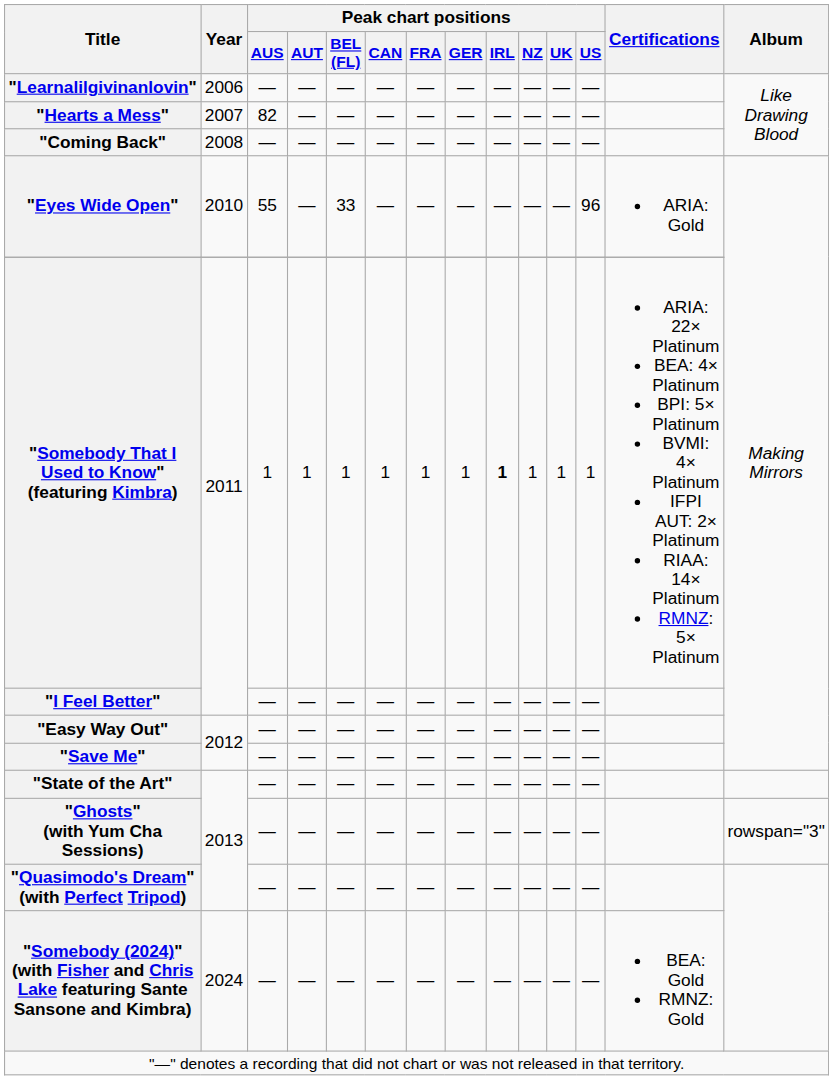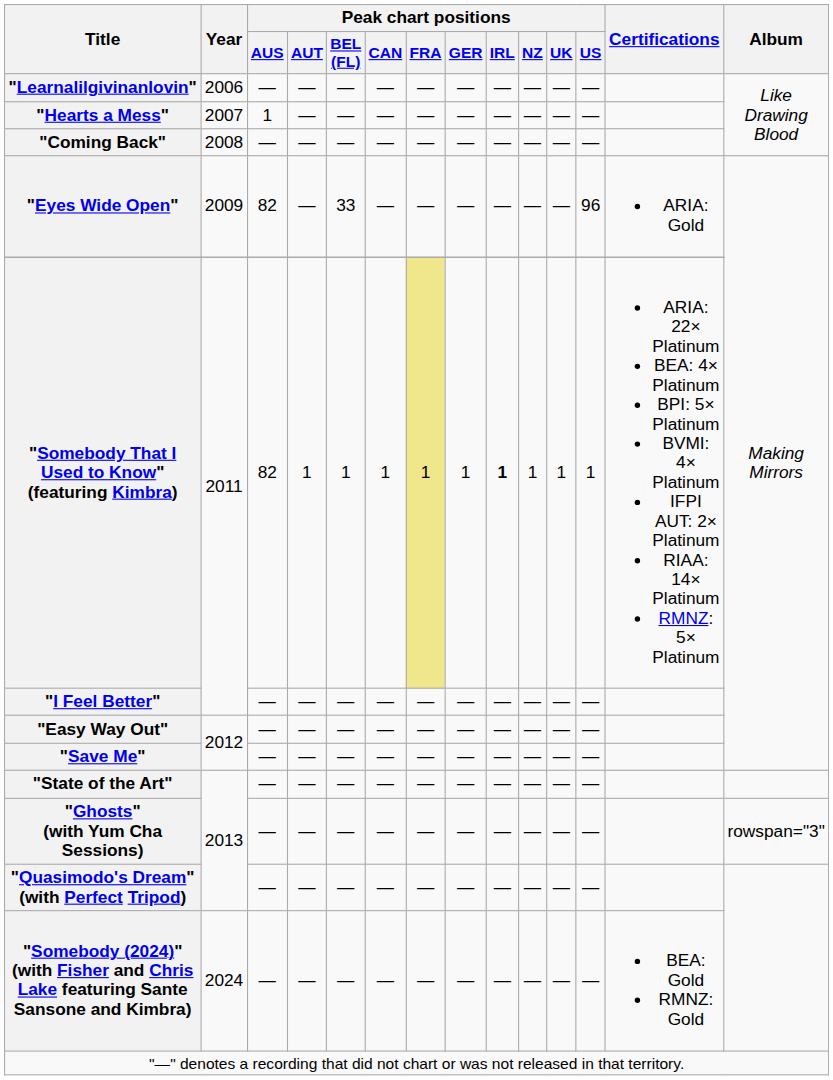 <table class="wikitable plainrowheaders" style="text-align:center;" border="1">
 <tr>
 <th scope="col" rowspan="2" style="width:18em;">Title</th>
 <th scope="col" rowspan="2" style="width:1em;">Year</th>
 <th scope="col" colspan="10">Peak chart positions</th>
 <th scope="col" rowspan="2" style="width:14em;"><a href='#'>Certifications</a></th>
 <th scope="col" rowspan="2">Album</th>
 </tr>
 <tr>
 <th scope="col" style="width:2.5em;font-size:90%;"><a href='#'>AUS</a><br></th>
 <th scope="col" style="width:2.5em;font-size:90%;"><a href='#'>AUT</a><br></th>
 <th scope="col" style="width:2.5em;font-size:90%;"><a href='#'>BEL<br>(FL)</a><br></th>
 <th scope="col" style="width:2.5em;font-size:90%;"><a href='#'>CAN</a><br></th>
 <th scope="col" style="width:2.5em;font-size:90%;"><a href='#'>FRA</a><br></th>
 <th scope="col" style="width:2.5em;font-size:90%;"><a href='#'>GER</a><br></th>
 <th scope="col" style="width:2.5em;font-size:90%;"><a href='#'>IRL</a><br></th>
 <th scope="col" style="width:2.5em;font-size:90%;"><a href='#'>NZ</a><br></th>
 <th scope="col" style="width:2.5em;font-size:90%;"><a href='#'>UK</a><br></th>
 <th scope="col" style="width:2.5em;font-size:90%;"><a href='#'>US</a><br></th>
 </tr>
 <tr>
 <th scope="row">"<a href='#'>Learnalilgivinanlovin</a>"</th>
 <td>2006</td>
 <td>—</td>
 <td>—</td>
 <td>—</td>
 <td>—</td>
 <td>—</td>
 <td>—</td>
 <td>—</td>
 <td>—</td>
 <td>—</td>
 <td>—</td>
 <td></td>
 <td rowspan="3"><em>Like Drawing Blood</em></td>
 </tr>
 <tr>
 <th scope="row">"<a href='#'>Hearts a Mess</a>"</th>
 <td>2007</td>
-<td>82</td>
+<td>1</td>
 <td>—</td>
 <td>—</td>
 <td>—</td>
 <td>—</td>
 <td>—</td>
 <td>—</td>
 <td>—</td>
 <td>—</td>
 <td>—</td>
 <td></td>
 </tr>
 <tr>
 <th scope="row">"Coming Back"</th>
 <td>2008</td>
 <td>—</td>
 <td>—</td>
 <td>—</td>
 <td>—</td>
 <td>—</td>
 <td>—</td>
 <td>—</td>
 <td>—</td>
 <td>—</td>
 <td>—</td>
 <td></td>
 </tr>
 <tr>
 <th scope="row">"<a href='#'>Eyes Wide Open</a>"</th>
-<td>2010</td>
-<td>55</td>
+<td>2009</td>
+<td>82</td>
 <td>—</td>
 <td>33</td>
 <td>—</td>
 <td>—</td>
 <td>—</td>
 <td>—</td>
 <td>—</td>
 <td>—</td>
 <td>96</td>
 <td><br><ul><li>ARIA: Gold</li></ul></td>
 <td rowspan="6"><em>Making Mirrors</em></td>
 </tr>
 <tr>
 </tr>
 <tr>
 <th scope="row">"<a href='#'>Somebody That I Used to Know</a>"<br><span>(featuring <a href='#'>Kimbra</a>)</span></th>
 <td rowspan="2">2011</td>
+<td>82</td>
 <td>1</td>
 <td>1</td>
 <td>1</td>
-<td>1</td>
-<td>1</td>
+<td style="background: khaki;">1</td>
 <td>1</td>
 <td><strong>1</strong></td>
 <td>1</td>
 <td>1</td>
 <td>1</td>
 <td><br><ul><li>ARIA: 22× Platinum</li><li>BEA: 4× Platinum</li><li>BPI: 5× Platinum</li><li>BVMI: 4× Platinum</li><li>IFPI AUT: 2× Platinum</li><li>RIAA: 14× Platinum</li><li><a href='#'>RMNZ</a>: 5× Platinum</li></ul></td>
 </tr>
 <tr>
 <th scope="row">"<a href='#'>I Feel Better</a>"</th>
 <td>—</td>
 <td>—</td>
 <td>—</td>
 <td>—</td>
 <td>—</td>
 <td>—</td>
 <td>—</td>
 <td>—</td>
 <td>—</td>
 <td>—</td>
 <td></td>
 </tr>
 <tr>
 <th scope="row">"Easy Way Out"</th>
 <td rowspan="2">2012</td>
 <td>—</td>
 <td>—</td>
 <td>—</td>
 <td>—</td>
 <td>—</td>
 <td>—</td>
 <td>—</td>
 <td>—</td>
 <td>—</td>
 <td>—</td>
 <td></td>
 </tr>
 <tr>
 <th scope="row">"<a href='#'>Save Me</a>"</th>
 <td>—</td>
 <td>—</td>
 <td>—</td>
 <td>—</td>
 <td>—</td>
 <td>—</td>
 <td>—</td>
 <td>—</td>
 <td>—</td>
 <td>—</td>
 <td></td>
 </tr>
 <tr>
 <th scope="row">"State of the Art"</th>
 <td rowspan="3">2013</td>
 <td>—</td>
 <td>—</td>
 <td>—</td>
 <td>—</td>
 <td>—</td>
 <td>—</td>
 <td>—</td>
 <td>—</td>
 <td>—</td>
 <td>—</td>
 <td></td>
 </tr>
 <tr>
 <th scope="row">"<a href='#'>Ghosts</a>"<br><span>(with Yum Cha Sessions)</span></th>
 <td>—</td>
 <td>—</td>
 <td>—</td>
 <td>—</td>
 <td>—</td>
 <td>—</td>
 <td>—</td>
 <td>—</td>
 <td>—</td>
 <td>—</td>
 <td></td>
 <td>rowspan="3" </td>
 </tr>
 <tr>
 <th scope="row">"<a href='#'>Quasimodo's Dream</a>"<br><span>(with <a href='#'>Perfect</a> <a href='#'>Tripod</a>)</span></th>
 <td>—</td>
 <td>—</td>
 <td>—</td>
 <td>—</td>
 <td>—</td>
 <td>—</td>
 <td>—</td>
 <td>—</td>
 <td>—</td>
 <td>—</td>
 <td></td>
 </tr>
 <tr>
 <th scope="row">"<a href='#'>Somebody (2024)</a>"<br><span>(with <a href='#'>Fisher</a> and <a href='#'>Chris Lake</a> featuring Sante Sansone and Kimbra)</span></th>
 <td>2024</td>
 <td>—</td>
 <td>—</td>
 <td>—</td>
 <td>—</td>
 <td>—</td>
 <td>—</td>
 <td>—</td>
 <td>—</td>
 <td>—</td>
 <td>—</td>
 <td><br><ul><li>BEA: Gold</li><li>RMNZ: Gold</li></ul></td>
 </tr>
 <tr>
 <td colspan="14" style="font-size:90%">"—" denotes a recording that did not chart or was not released in that territory.</td>
 </tr>
 </table>
